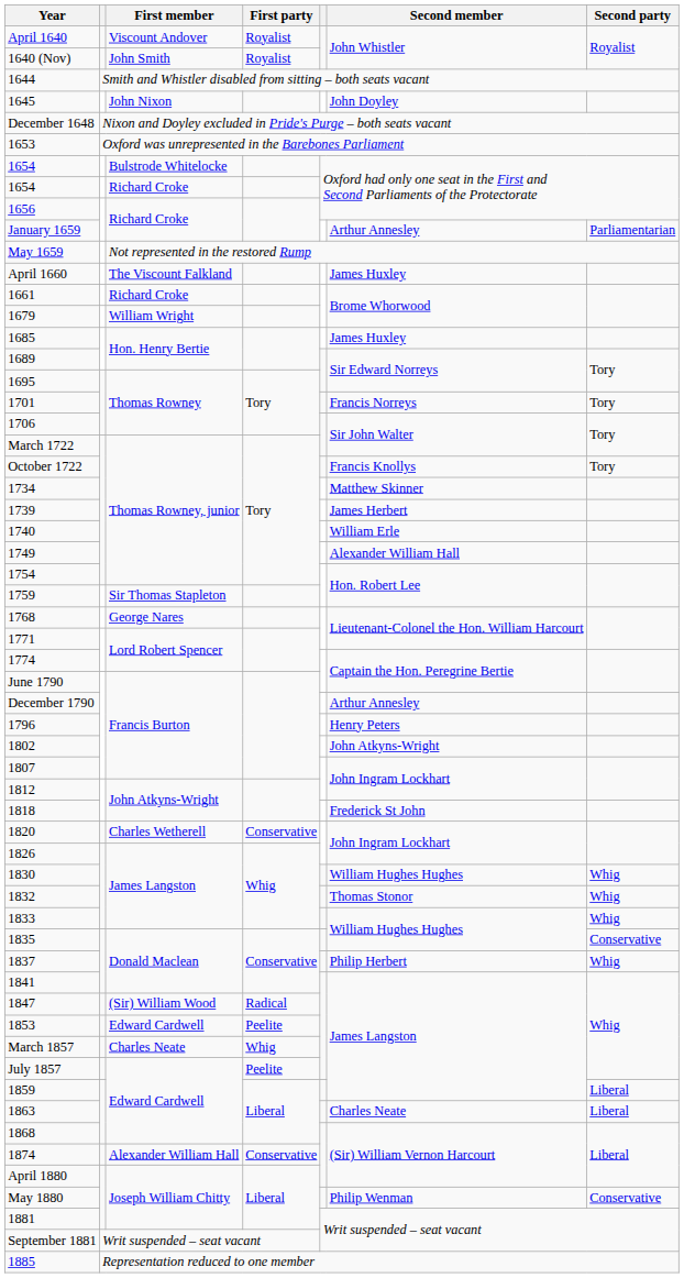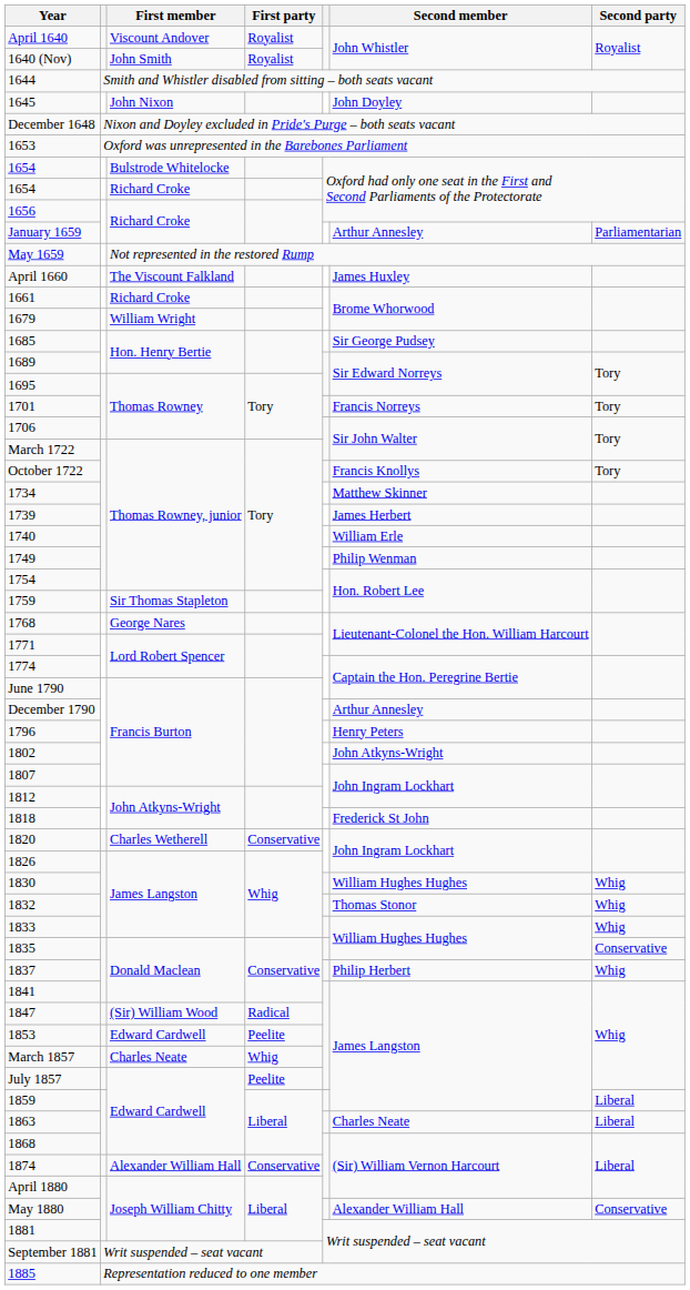 <table class="wikitable">
 <tr>
 <th>Year</th>
 <th></th>
 <th>First member</th>
 <th>First party</th>
 <th></th>
 <th>Second member</th>
 <th>Second party</th>
 </tr>
 <tr>
 <td><a href='#'>April 1640</a></td>
 <td style="color:inherit;background-color: "></td>
 <td><a href='#'>Viscount Andover</a></td>
 <td><a href='#'>Royalist</a></td>
 <td rowspan="2" style="color:inherit;background-color: "></td>
 <td rowspan="2"><a href='#'>John Whistler</a></td>
 <td rowspan="2"><a href='#'>Royalist</a></td>
 </tr>
 <tr>
 <td>1640 (Nov)</td>
 <td style="color:inherit;background-color: "></td>
 <td><a href='#'>John Smith</a></td>
 <td><a href='#'>Royalist</a></td>
 </tr>
 <tr>
 <td>1644</td>
 <td colspan="6"><em>Smith and Whistler disabled from sitting – both seats vacant</em></td>
 </tr>
 <tr>
 <td>1645</td>
 <td style="color:inherit;background-color: white"></td>
 <td><a href='#'>John Nixon</a></td>
 <td></td>
 <td style="color:inherit;background-color: white"></td>
 <td><a href='#'>John Doyley</a></td>
 <td></td>
 </tr>
 <tr>
 <td>December 1648</td>
 <td colspan="6"><em>Nixon and Doyley excluded in <a href='#'>Pride's Purge</a> – both seats vacant</em></td>
 </tr>
 <tr>
 <td>1653</td>
 <td colspan="6"><em>Oxford was unrepresented in the <a href='#'>Barebones Parliament</a></em></td>
 </tr>
 <tr>
 <td><a href='#'>1654</a></td>
 <td style="color:inherit;background-color: white"></td>
 <td><a href='#'>Bulstrode Whitelocke</a></td>
 <td></td>
 <td rowspan="3" colspan="3"><em>Oxford had only one seat in the <a href='#'>First</a> and <br><a href='#'>Second</a> Parliaments of the Protectorate</em></td>
 </tr>
 <tr>
 <td>1654</td>
 <td style="color:inherit;background-color: white"></td>
 <td><a href='#'>Richard Croke</a></td>
 <td></td>
 </tr>
 <tr>
 <td><a href='#'>1656</a></td>
 <td rowspan="2" style="color:inherit;background-color: white"></td>
 <td rowspan="2"><a href='#'>Richard Croke</a></td>
 <td rowspan="2"></td>
 </tr>
 <tr>
 <td><a href='#'>January 1659</a></td>
 <td style="color:inherit;background-color: white"></td>
 <td><a href='#'>Arthur Annesley</a></td>
 <td><a href='#'>Parliamentarian</a></td>
 </tr>
 <tr>
 <td><a href='#'>May 1659</a></td>
 <td style="color:inherit;background-color: white"></td>
 <td colspan="6"><em>Not represented in the restored <a href='#'>Rump</a></em></td>
 </tr>
 <tr>
 <td>April 1660</td>
 <td style="color:inherit;background-color: white"></td>
 <td><a href='#'>The Viscount Falkland</a></td>
 <td></td>
 <td style="color:inherit;background-color: white"></td>
 <td><a href='#'>James Huxley</a></td>
 <td></td>
 </tr>
 <tr>
 <td>1661</td>
 <td style="color:inherit;background-color: white"></td>
 <td><a href='#'>Richard Croke</a></td>
 <td></td>
 <td rowspan="2" style="color:inherit;background-color: white"></td>
 <td rowspan="2"><a href='#'>Brome Whorwood</a></td>
 <td rowspan="2"></td>
 </tr>
 <tr>
 <td>1679</td>
 <td style="color:inherit;background-color: white"></td>
 <td><a href='#'>William Wright</a></td>
 <td></td>
 </tr>
 <tr>
 <td>1685</td>
 <td rowspan="2" style="color:inherit;background-color: white"></td>
 <td rowspan="2"><a href='#'>Hon. Henry Bertie</a></td>
 <td rowspan="2"></td>
 <td style="color:inherit;background-color: white"></td>
-<td><a href='#'>James Huxley</a></td>
+<td><a href='#'>Sir George Pudsey</a></td>
 <td></td>
 </tr>
 <tr>
 <td>1689</td>
 <td rowspan="2" style="color:inherit;background-color: "></td>
 <td rowspan="2"><a href='#'>Sir Edward Norreys</a></td>
 <td rowspan="2">Tory</td>
 </tr>
 <tr>
 <td>1695</td>
 <td rowspan="3" style="color:inherit;background-color: "></td>
 <td rowspan="3"><a href='#'>Thomas Rowney</a></td>
 <td rowspan="3">Tory</td>
 </tr>
 <tr>
 <td>1701</td>
 <td style="color:inherit;background-color: "></td>
 <td><a href='#'>Francis Norreys</a></td>
 <td>Tory</td>
 </tr>
 <tr>
 <td>1706</td>
 <td rowspan="2" style="color:inherit;background-color: "></td>
 <td rowspan="2"><a href='#'>Sir John Walter</a></td>
 <td rowspan="2">Tory</td>
 </tr>
 <tr>
 <td>March 1722</td>
 <td rowspan="7" style="color:inherit;background-color: "></td>
 <td rowspan="7"><a href='#'>Thomas Rowney, junior</a></td>
 <td rowspan="7">Tory</td>
 </tr>
 <tr>
 <td>October 1722</td>
 <td style="color:inherit;background-color: "></td>
 <td><a href='#'>Francis Knollys</a></td>
 <td>Tory</td>
 </tr>
 <tr>
 <td>1734</td>
 <td style="color:inherit;background-color: white"></td>
 <td><a href='#'>Matthew Skinner</a></td>
 <td></td>
 </tr>
 <tr>
 <td>1739</td>
 <td style="color:inherit;background-color: white"></td>
 <td><a href='#'>James Herbert</a></td>
 <td></td>
 </tr>
 <tr>
 <td>1740</td>
 <td style="color:inherit;background-color: white"></td>
 <td><a href='#'>William Erle</a></td>
 <td></td>
 </tr>
 <tr>
 <td>1749</td>
 <td style="color:inherit;background-color: white"></td>
-<td><a href='#'>Alexander William Hall</a></td>
+<td><a href='#'>Philip Wenman</a></td>
 <td></td>
 </tr>
 <tr>
 <td>1754</td>
 <td rowspan="2" style="color:inherit;background-color: white"></td>
 <td rowspan="2"><a href='#'>Hon. Robert Lee</a></td>
 <td rowspan="2"></td>
 </tr>
 <tr>
 <td>1759</td>
 <td style="color:inherit;background-color: white"></td>
 <td><a href='#'>Sir Thomas Stapleton</a></td>
 <td></td>
 </tr>
 <tr>
 <td>1768</td>
 <td style="color:inherit;background-color: white"></td>
 <td><a href='#'>George Nares</a></td>
 <td></td>
 <td rowspan="2" style="color:inherit;background-color: white"></td>
 <td rowspan="2"><a href='#'>Lieutenant-Colonel the Hon. William Harcourt</a></td>
 <td rowspan="2"></td>
 </tr>
 <tr>
 <td>1771</td>
 <td rowspan="2" style="color:inherit;background-color: white"></td>
 <td rowspan="2"><a href='#'>Lord Robert Spencer</a></td>
 <td rowspan="2"></td>
 </tr>
 <tr>
 <td>1774</td>
 <td rowspan="2" style="color:inherit;background-color: white"></td>
 <td rowspan="2"><a href='#'>Captain the Hon. Peregrine Bertie</a></td>
 <td rowspan="2"></td>
 </tr>
 <tr>
 <td>June 1790</td>
 <td rowspan="5" style="color:inherit;background-color: white"></td>
 <td rowspan="5"><a href='#'>Francis Burton</a></td>
 <td rowspan="5"></td>
 </tr>
 <tr>
 <td>December 1790</td>
 <td style="color:inherit;background-color: white"></td>
 <td><a href='#'>Arthur Annesley</a></td>
 <td></td>
 </tr>
 <tr>
 <td>1796</td>
 <td style="color:inherit;background-color: white"></td>
 <td><a href='#'>Henry Peters</a></td>
 <td></td>
 </tr>
 <tr>
 <td>1802</td>
 <td style="color:inherit;background-color: white"></td>
 <td><a href='#'>John Atkyns-Wright</a></td>
 <td></td>
 </tr>
 <tr>
 <td>1807</td>
 <td rowspan="2" style="color:inherit;background-color: white"></td>
 <td rowspan="2"><a href='#'>John Ingram Lockhart</a></td>
 <td rowspan="2"></td>
 </tr>
 <tr>
 <td>1812</td>
 <td rowspan="2" style="color:inherit;background-color: white"></td>
 <td rowspan="2"><a href='#'>John Atkyns-Wright</a></td>
 <td rowspan="2"></td>
 </tr>
 <tr>
 <td>1818</td>
 <td style="color:inherit;background-color: white"></td>
 <td><a href='#'>Frederick St John</a></td>
 <td></td>
 </tr>
 <tr>
 <td>1820</td>
 <td style="color:inherit;background-color: "></td>
 <td><a href='#'>Charles Wetherell</a></td>
 <td><a href='#'>Conservative</a></td>
 <td rowspan="2" style="color:inherit;background-color: white"></td>
 <td rowspan="2"><a href='#'>John Ingram Lockhart</a></td>
 <td rowspan="2"></td>
 </tr>
 <tr>
 <td>1826</td>
 <td rowspan="4" style="color:inherit;background-color: "></td>
 <td rowspan="4"><a href='#'>James Langston</a></td>
 <td rowspan="4"><a href='#'>Whig</a></td>
 </tr>
 <tr>
 <td>1830</td>
 <td style="color:inherit;background-color: "></td>
 <td><a href='#'>William Hughes Hughes</a></td>
 <td><a href='#'>Whig</a></td>
 </tr>
 <tr>
 <td>1832</td>
 <td style="color:inherit;background-color: "></td>
 <td><a href='#'>Thomas Stonor</a></td>
 <td><a href='#'>Whig</a></td>
 </tr>
 <tr>
 <td>1833</td>
 <td style="color:inherit;background-color: "></td>
 <td rowspan="2"><a href='#'>William Hughes Hughes</a></td>
 <td><a href='#'>Whig</a></td>
 </tr>
 <tr>
 <td>1835</td>
 <td rowspan="3" style="color:inherit;background-color: "></td>
 <td rowspan="3"><a href='#'>Donald Maclean</a></td>
 <td rowspan="3"><a href='#'>Conservative</a></td>
 <td style="color:inherit;background-color: "></td>
 <td><a href='#'>Conservative</a></td>
 </tr>
 <tr>
 <td>1837</td>
 <td style="color:inherit;background-color: "></td>
 <td><a href='#'>Philip Herbert</a></td>
 <td><a href='#'>Whig</a></td>
 </tr>
 <tr>
 <td>1841</td>
 <td rowspan="5" style="color:inherit;background-color: "></td>
 <td rowspan="6"><a href='#'>James Langston</a></td>
 <td rowspan="5"><a href='#'>Whig</a></td>
 </tr>
 <tr>
 <td>1847</td>
 <td style="color:inherit;background-color: "></td>
 <td><a href='#'>(Sir) William Wood</a></td>
 <td><a href='#'>Radical</a></td>
 </tr>
 <tr>
 <td>1853</td>
 <td style="color:inherit;background-color: "></td>
 <td><a href='#'>Edward Cardwell</a></td>
 <td><a href='#'>Peelite</a></td>
 </tr>
 <tr>
 <td>March 1857</td>
 <td style="color:inherit;background-color: "></td>
 <td><a href='#'>Charles Neate</a></td>
 <td><a href='#'>Whig</a></td>
 </tr>
 <tr>
 <td>July 1857</td>
 <td style="color:inherit;background-color: "></td>
 <td rowspan="4"><a href='#'>Edward Cardwell</a></td>
 <td><a href='#'>Peelite</a></td>
 </tr>
 <tr>
 <td>1859</td>
 <td rowspan="3" style="color:inherit;background-color: "></td>
 <td rowspan="3"><a href='#'>Liberal</a></td>
 <td style="color:inherit;background-color: "></td>
 <td><a href='#'>Liberal</a></td>
 </tr>
 <tr>
 <td>1863</td>
 <td style="color:inherit;background-color: "></td>
 <td><a href='#'>Charles Neate</a></td>
 <td><a href='#'>Liberal</a></td>
 </tr>
 <tr>
 <td>1868</td>
 <td rowspan="3" style="color:inherit;background-color: "></td>
 <td rowspan="3"><a href='#'>(Sir) William Vernon Harcourt</a></td>
 <td rowspan="3"><a href='#'>Liberal</a></td>
 </tr>
 <tr>
 <td>1874</td>
 <td style="color:inherit;background-color: "></td>
 <td><a href='#'>Alexander William Hall</a></td>
 <td><a href='#'>Conservative</a></td>
 </tr>
 <tr>
 <td>April 1880</td>
 <td rowspan="3" style="color:inherit;background-color: "></td>
 <td rowspan="3"><a href='#'>Joseph William Chitty</a></td>
 <td rowspan="3"><a href='#'>Liberal</a></td>
 </tr>
 <tr>
 <td>May 1880</td>
 <td style="color:inherit;background-color: "></td>
-<td><a href='#'>Philip Wenman</a></td>
+<td><a href='#'>Alexander William Hall</a></td>
 <td><a href='#'>Conservative</a></td>
 </tr>
 <tr>
 <td>1881</td>
 <td colspan="3" rowspan="2"><em>Writ suspended – seat vacant</em></td>
 </tr>
 <tr>
 <td>September 1881</td>
 <td colspan="3"><em>Writ suspended – seat vacant</em></td>
 </tr>
 <tr>
 <td><a href='#'>1885</a></td>
 <td colspan="6"><em>Representation reduced to one member</em></td>
 </tr>
 </table>
